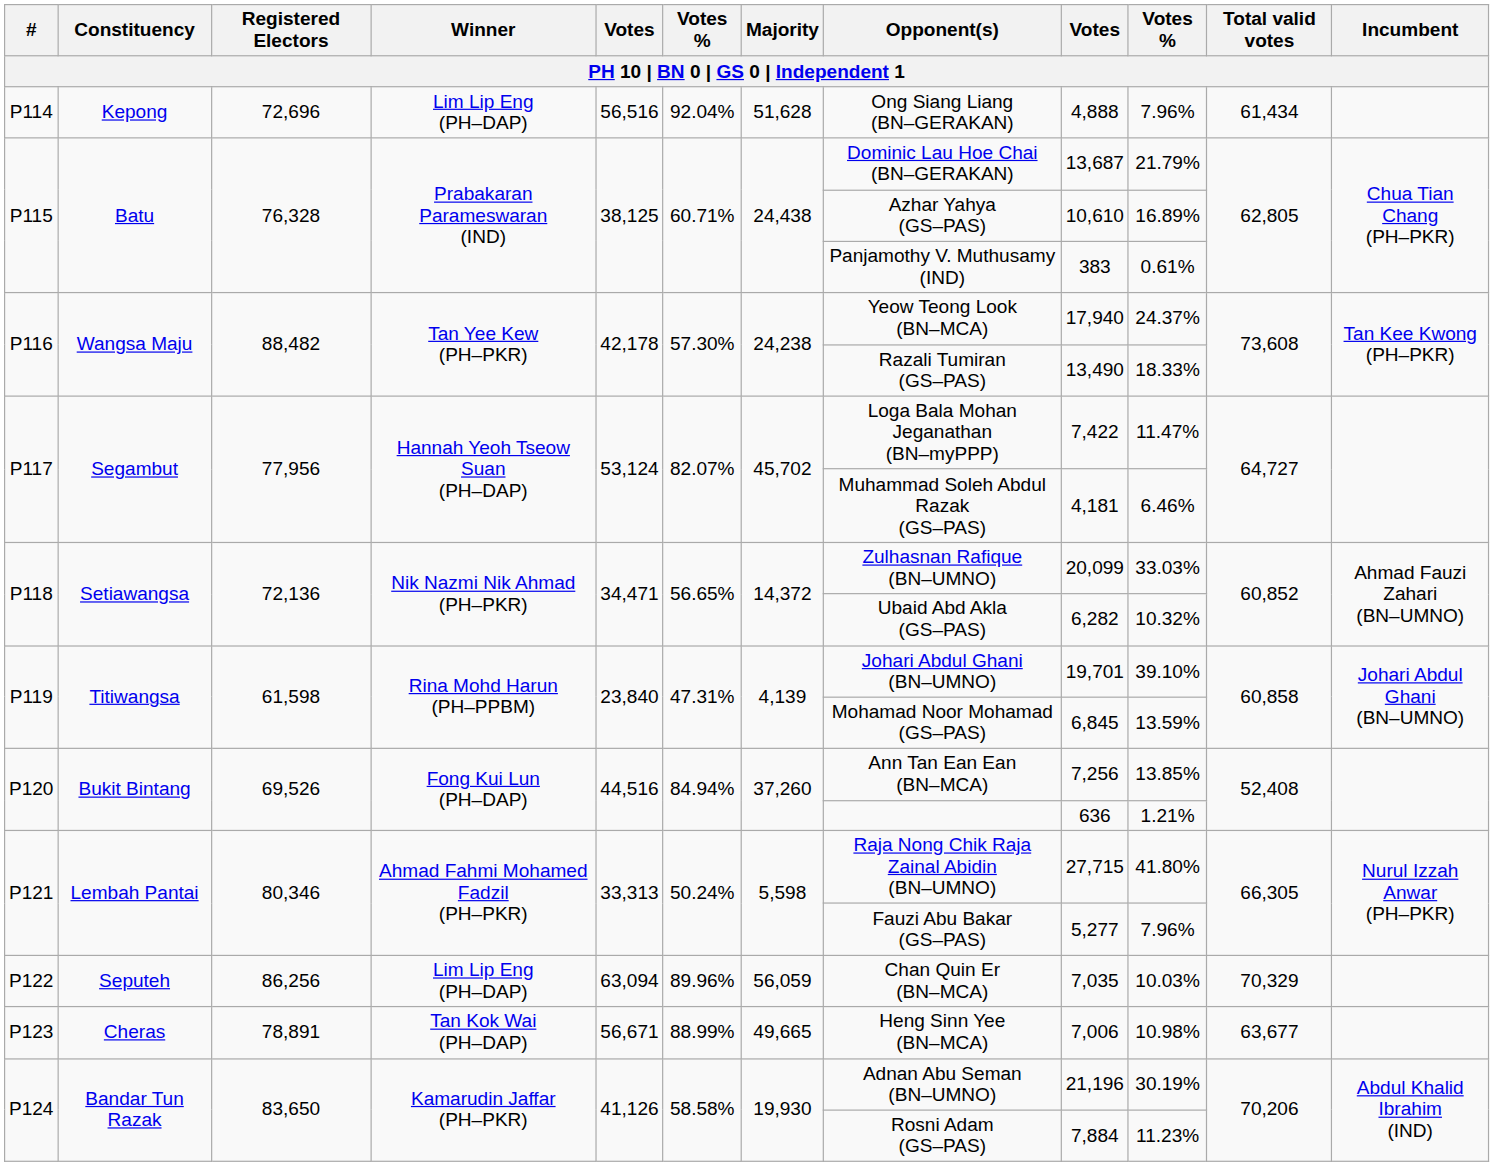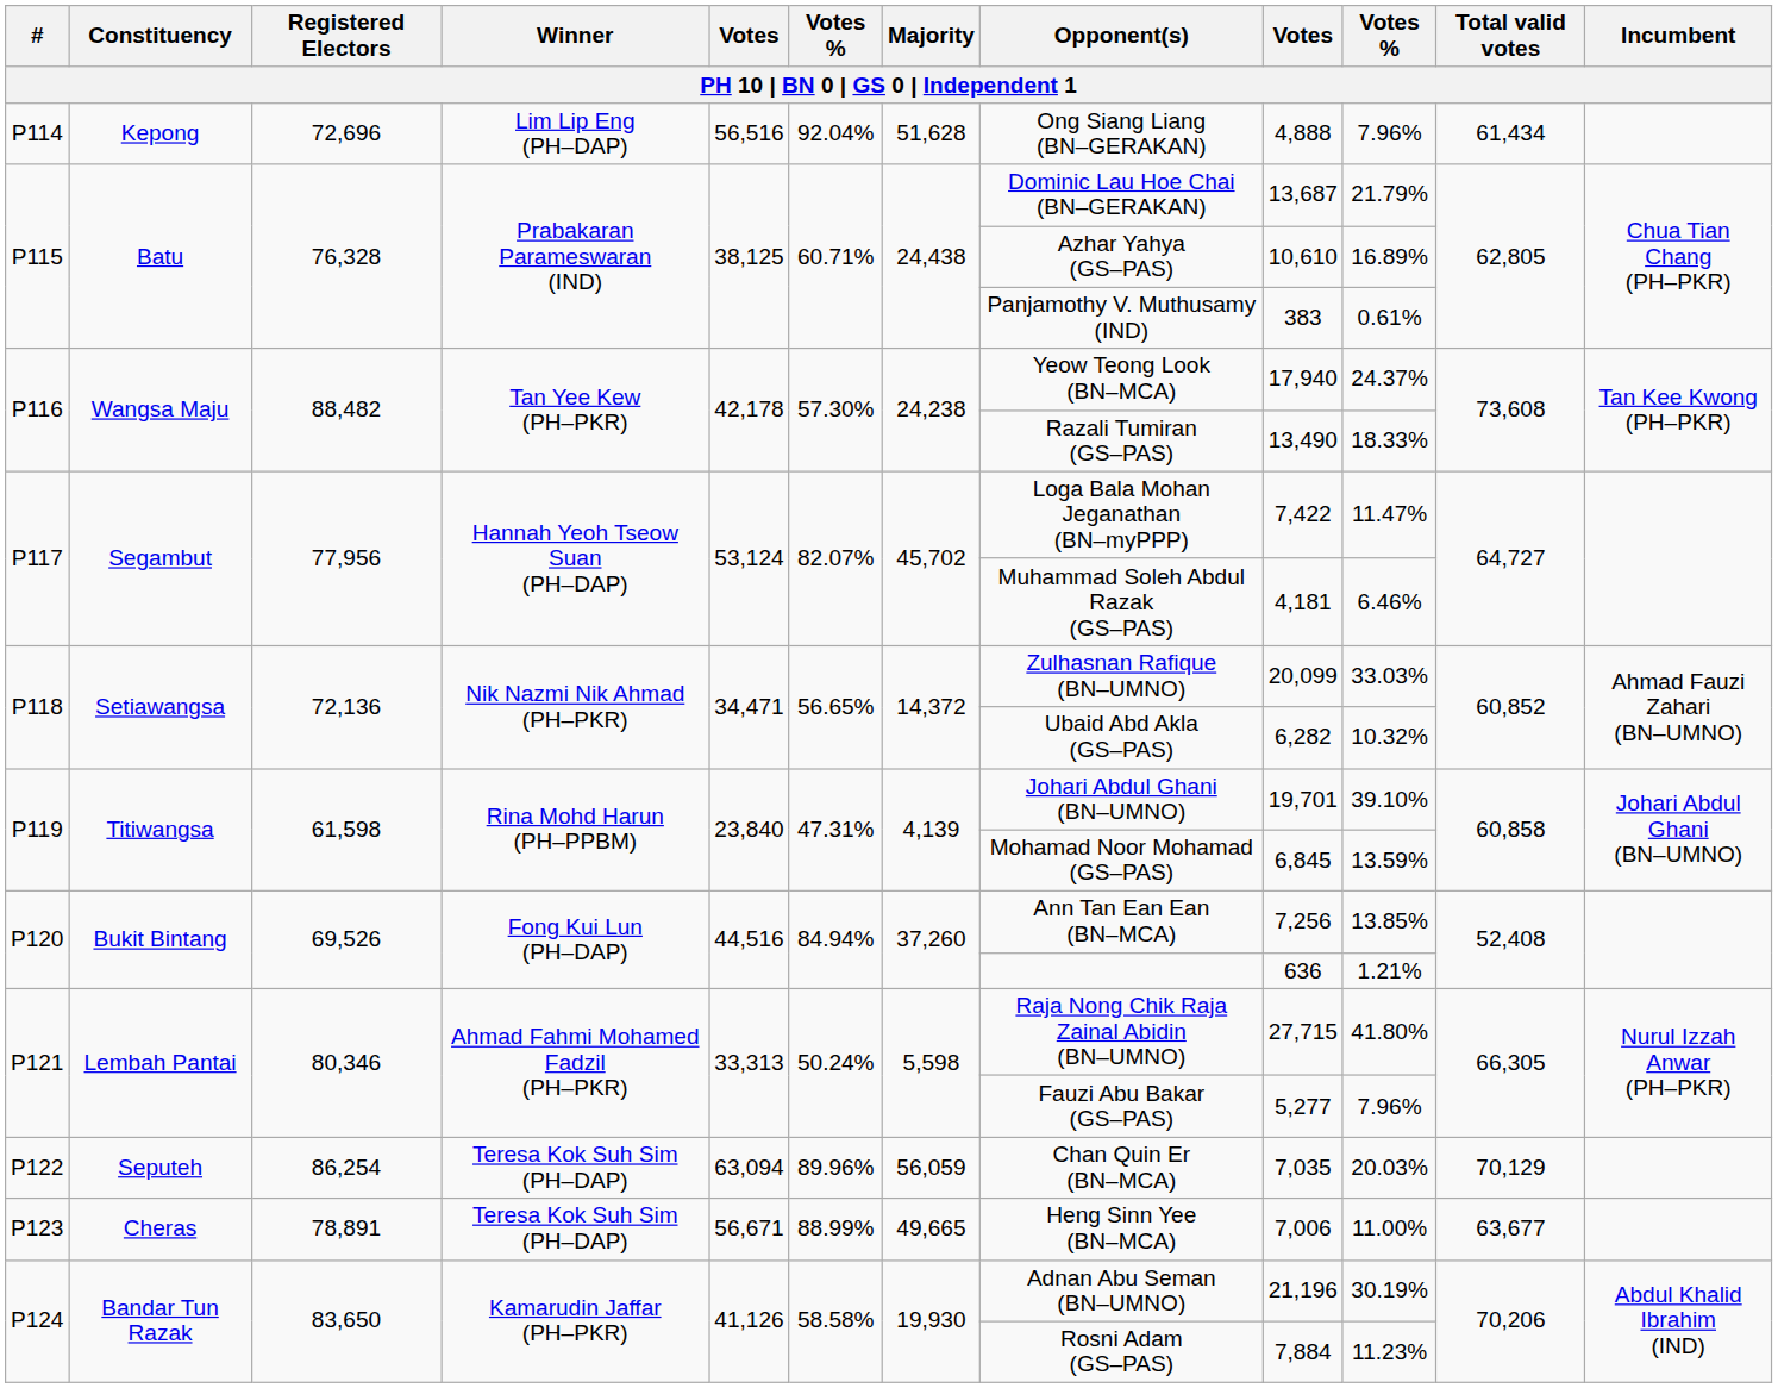 <table class="wikitable sortable" style">
 <tr>
 <th>#</th>
 <th>Constituency</th>
 <th>Registered Electors</th>
 <th>Winner</th>
 <th>Votes</th>
 <th>Votes %</th>
 <th>Majority</th>
 <th>Opponent(s)</th>
 <th>Votes</th>
 <th>Votes %</th>
 <th>Total valid votes</th>
 <th>Incumbent</th>
 </tr>
 <tr>
 <th colspan="13"><a href='#'>PH</a> <strong>10</strong> | <a href='#'>BN</a> <strong>0</strong> | <a href='#'>GS</a> <strong>0</strong> | <a href='#'>Independent</a> <strong>1</strong></th>
 </tr>
 <tr align="center">
 <td rowspan=1>P114</td>
 <td rowspan=1><a href='#'>Kepong</a></td>
 <td rowspan=1>72,696</td>
 <td rowspan=1><a href='#'>Lim Lip Eng</a><br>(PH–DAP)</td>
 <td rowspan=1>56,516</td>
 <td rowspan=1>92.04%</td>
 <td rowspan=1>51,628</td>
 <td>Ong Siang Liang<br>(BN–GERAKAN)</td>
 <td>4,888</td>
 <td>7.96%</td>
 <td rowspan=1>61,434</td>
 <td rowspan=1></td>
 </tr>
 <tr align="center">
 <td rowspan=3>P115</td>
 <td rowspan=3><a href='#'>Batu</a></td>
 <td rowspan=3>76,328</td>
 <td rowspan=3><a href='#'>Prabakaran Parameswaran</a><br>(IND)</td>
 <td rowspan=3>38,125</td>
 <td rowspan=3>60.71%</td>
 <td rowspan=3>24,438</td>
 <td><a href='#'>Dominic Lau Hoe Chai</a><br>(BN–GERAKAN)</td>
 <td>13,687</td>
 <td>21.79%</td>
 <td rowspan=3>62,805</td>
 <td rowspan=3><a href='#'>Chua Tian Chang</a><br>(PH–PKR)</td>
 </tr>
 <tr align="center">
 <td>Azhar Yahya<br>(GS–PAS)</td>
 <td>10,610</td>
 <td>16.89%</td>
 </tr>
 <tr align="center">
 <td>Panjamothy V. Muthusamy<br>(IND)</td>
 <td>383</td>
 <td>0.61%</td>
 </tr>
 <tr align="center">
 <td rowspan=2>P116</td>
 <td rowspan=2><a href='#'>Wangsa Maju</a></td>
 <td rowspan=2>88,482</td>
 <td rowspan=2><a href='#'>Tan Yee Kew</a><br>(PH–PKR)</td>
 <td rowspan=2>42,178</td>
 <td rowspan=2>57.30%</td>
 <td rowspan=2>24,238</td>
 <td>Yeow Teong Look<br>(BN–MCA)</td>
 <td>17,940</td>
 <td>24.37%</td>
 <td rowspan=2>73,608</td>
 <td rowspan=2><a href='#'>Tan Kee Kwong</a><br>(PH–PKR)</td>
 </tr>
 <tr align="center">
 <td>Razali Tumiran<br>(GS–PAS)</td>
 <td>13,490</td>
 <td>18.33%</td>
 </tr>
 <tr align="center">
 <td rowspan=2>P117</td>
 <td rowspan=2><a href='#'>Segambut</a></td>
 <td rowspan=2>77,956</td>
 <td rowspan=2><a href='#'>Hannah Yeoh Tseow Suan</a><br>(PH–DAP)</td>
 <td rowspan=2>53,124</td>
 <td rowspan=2>82.07%</td>
 <td rowspan=2>45,702</td>
 <td>Loga Bala Mohan Jeganathan<br>(BN–myPPP)</td>
 <td>7,422</td>
 <td>11.47%</td>
 <td rowspan=2>64,727</td>
 <td rowspan=2></td>
 </tr>
 <tr align="center">
 <td>Muhammad Soleh Abdul Razak<br>(GS–PAS)</td>
 <td>4,181</td>
 <td>6.46%</td>
 </tr>
 <tr align="center">
 <td rowspan=2>P118</td>
 <td rowspan=2><a href='#'>Setiawangsa</a></td>
 <td rowspan=2>72,136</td>
 <td rowspan=2><a href='#'>Nik Nazmi Nik Ahmad</a><br>(PH–PKR)</td>
 <td rowspan=2>34,471</td>
 <td rowspan=2>56.65%</td>
 <td rowspan=2>14,372</td>
 <td><a href='#'>Zulhasnan Rafique</a><br>(BN–UMNO)</td>
 <td>20,099</td>
 <td>33.03%</td>
 <td rowspan=2>60,852</td>
 <td rowspan=2>Ahmad Fauzi Zahari<br>(BN–UMNO)</td>
 </tr>
 <tr align="center">
 <td>Ubaid Abd Akla<br>(GS–PAS)</td>
 <td>6,282</td>
 <td>10.32%</td>
 </tr>
 <tr align="center">
 <td rowspan=2>P119</td>
 <td rowspan=2><a href='#'>Titiwangsa</a></td>
 <td rowspan=2>61,598</td>
 <td rowspan=2><a href='#'>Rina Mohd Harun</a><br>(PH–PPBM)</td>
 <td rowspan=2>23,840</td>
 <td rowspan=2>47.31%</td>
 <td rowspan=2>4,139</td>
 <td><a href='#'>Johari Abdul Ghani</a><br>(BN–UMNO)</td>
 <td>19,701</td>
 <td>39.10%</td>
 <td rowspan=2>60,858</td>
 <td rowspan=2><a href='#'>Johari Abdul Ghani</a><br>(BN–UMNO)</td>
 </tr>
 <tr align="center">
 <td>Mohamad Noor Mohamad<br>(GS–PAS)</td>
 <td>6,845</td>
 <td>13.59%</td>
 </tr>
 <tr align="center">
 <td rowspan=2>P120</td>
 <td rowspan=2><a href='#'>Bukit Bintang</a></td>
 <td rowspan=2>69,526</td>
 <td rowspan=2><a href='#'>Fong Kui Lun</a><br>(PH–DAP)</td>
 <td rowspan=2>44,516</td>
 <td rowspan=2>84.94%</td>
 <td rowspan=2>37,260</td>
 <td>Ann Tan Ean Ean<br>(BN–MCA)</td>
 <td>7,256</td>
 <td>13.85%</td>
 <td rowspan=2>52,408</td>
 <td rowspan=2></td>
 </tr>
 <tr align="center">
 <td></td>
 <td>636</td>
 <td>1.21%</td>
 </tr>
 <tr align="center">
 <td rowspan=2>P121</td>
 <td rowspan=2><a href='#'>Lembah Pantai</a></td>
 <td rowspan=2>80,346</td>
 <td rowspan=2><a href='#'>Ahmad Fahmi Mohamed Fadzil</a><br>(PH–PKR)</td>
 <td rowspan=2>33,313</td>
 <td rowspan=2>50.24%</td>
 <td rowspan=2>5,598</td>
 <td><a href='#'>Raja Nong Chik Raja Zainal Abidin</a><br>(BN–UMNO)</td>
 <td>27,715</td>
 <td>41.80%</td>
 <td rowspan=2>66,305</td>
 <td rowspan=2><a href='#'>Nurul Izzah Anwar</a><br>(PH–PKR)</td>
 </tr>
 <tr align="center">
 <td>Fauzi Abu Bakar<br>(GS–PAS)</td>
 <td>5,277</td>
 <td>7.96%</td>
 </tr>
 <tr align="center">
 <td rowspan=1>P122</td>
 <td rowspan=1><a href='#'>Seputeh</a></td>
-<td rowspan=1>86,256</td>
-<td rowspan=1><a href='#'>Lim Lip Eng</a><br>(PH–DAP)</td>
+<td rowspan=1>86,254</td>
+<td rowspan=1><a href='#'>Teresa Kok Suh Sim</a><br>(PH–DAP)</td>
 <td rowspan=1>63,094</td>
 <td rowspan=1>89.96%</td>
 <td rowspan=1>56,059</td>
 <td>Chan Quin Er<br>(BN–MCA)</td>
 <td>7,035</td>
-<td>10.03%</td>
-<td rowspan=1>70,329</td>
+<td>20.03%</td>
+<td rowspan=1>70,129</td>
 <td rowspan=1></td>
 </tr>
 <tr align="center">
 <td rowspan=1>P123</td>
 <td rowspan=1><a href='#'>Cheras</a></td>
 <td rowspan=1>78,891</td>
-<td rowspan=1><a href='#'>Tan Kok Wai</a><br>(PH–DAP)</td>
+<td rowspan=1><a href='#'>Teresa Kok Suh Sim</a><br>(PH–DAP)</td>
 <td rowspan=1>56,671</td>
 <td rowspan=1>88.99%</td>
 <td rowspan=1>49,665</td>
 <td>Heng Sinn Yee<br>(BN–MCA)</td>
 <td>7,006</td>
-<td>10.98%</td>
+<td>11.00%</td>
 <td rowspan=1>63,677</td>
 <td rowspan=1></td>
 </tr>
 <tr align="center">
 <td rowspan=2>P124</td>
 <td rowspan=2><a href='#'>Bandar Tun Razak</a></td>
 <td rowspan=2>83,650</td>
 <td rowspan=2><a href='#'>Kamarudin Jaffar</a><br>(PH–PKR)</td>
 <td rowspan=2>41,126</td>
 <td rowspan=2>58.58%</td>
 <td rowspan=2>19,930</td>
 <td>Adnan Abu Seman<br>(BN–UMNO)</td>
 <td>21,196</td>
 <td>30.19%</td>
 <td rowspan=2>70,206</td>
 <td rowspan=2><a href='#'>Abdul Khalid Ibrahim</a><br>(IND)</td>
 </tr>
 <tr align="center">
 <td>Rosni Adam<br>(GS–PAS)</td>
 <td>7,884</td>
 <td>11.23%</td>
 </tr>
 </table>
